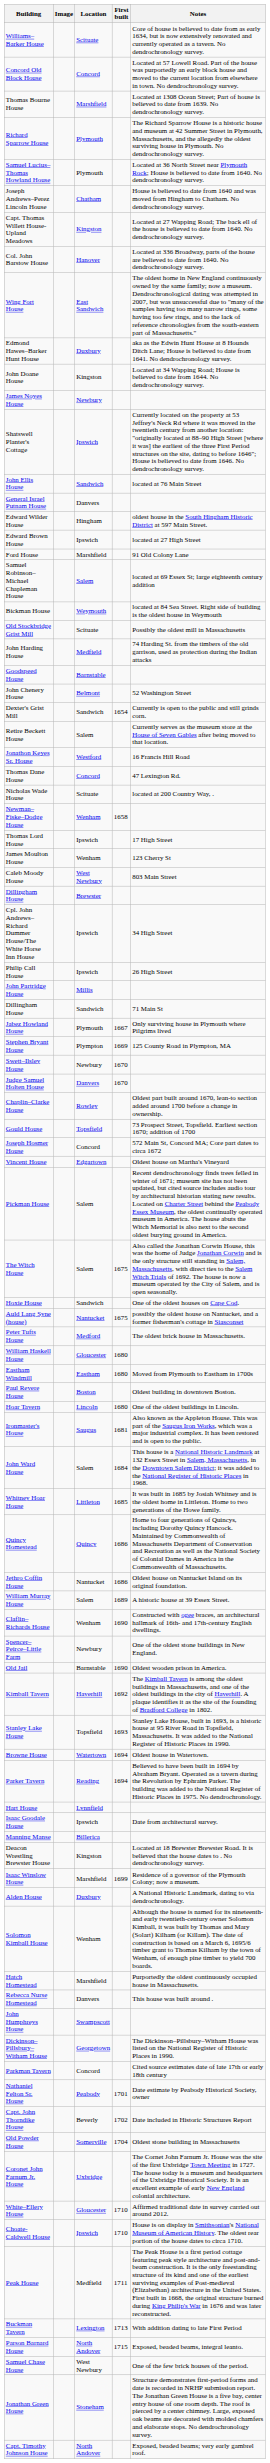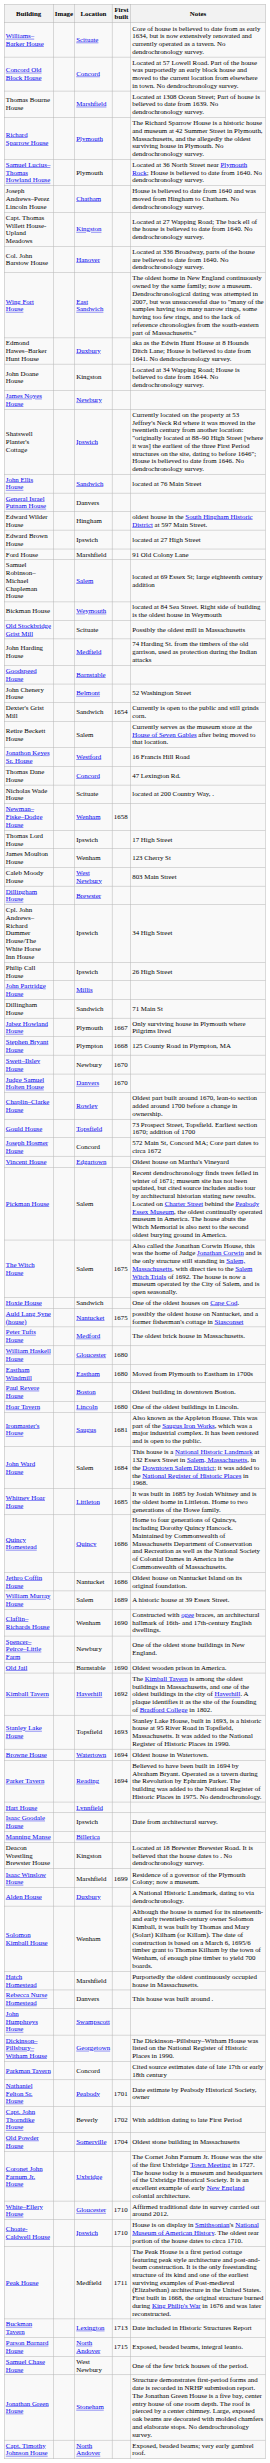 <table class="wikitable sortable">
 <tr>
 <th>Building</th>
 <th class="unsortable">Image</th>
 <th>Location</th>
 <th>First built</th>
 <th class="unsortable">Notes</th>
 </tr>
 <tr>
 <td><a href='#'>Williams–Barker House</a></td>
 <td></td>
 <td><a href='#'>Scituate</a></td>
 <td></td>
 <td>Core of house is believed to date from as early 1634, but is now extensively renovated and currently operated as a tavern. No dendrochronology survey.</td>
 </tr>
 <tr>
 <td><a href='#'>Concord Old Block House</a></td>
 <td></td>
 <td><a href='#'>Concord</a></td>
 <td></td>
 <td>Located at 57 Lowell Road. Part of the house was purportedly an early block house and moved to the current location from elsewhere in town. No dendrochronology survey.</td>
 </tr>
 <tr>
 <td>Thomas Bourne House</td>
 <td></td>
 <td><a href='#'>Marshfield</a></td>
 <td></td>
 <td>Located at 1308 Ocean Street; Part of house is believed to date from 1639. No dendrochronology survey.</td>
 </tr>
 <tr>
 <td><a href='#'>Richard Sparrow House</a></td>
 <td></td>
 <td><a href='#'>Plymouth</a></td>
 <td></td>
 <td>The Richard Sparrow House is a historic house and museum at 42 Summer Street in Plymouth, Massachusetts, and the allegedly the oldest surviving house in Plymouth. No dendrochronology survey.</td>
 </tr>
 <tr>
 <td><a href='#'>Samuel Lucius–Thomas Howland House</a></td>
 <td></td>
 <td>Plymouth</td>
 <td></td>
 <td>Located at 36 North Street near <a href='#'>Plymouth Rock</a>; House is believed to date from 1640. No dendrochronology survey.</td>
 </tr>
 <tr>
 <td>Joseph Andrews–Perez Lincoln House</td>
 <td></td>
 <td><a href='#'>Chatham</a></td>
 <td></td>
 <td>House is believed to date from 1640 and was moved from Hingham to Chatham. No dendrochronology survey.</td>
 </tr>
 <tr>
 <td>Capt. Thomas Willett House-Upland Meadows</td>
 <td></td>
 <td><a href='#'>Kingston</a></td>
 <td></td>
 <td>Located at 27 Wapping Road; The back ell of the house is believed to date from 1640. No dendrochronology survey.</td>
 </tr>
 <tr>
 <td>Col. John Barstow House</td>
 <td></td>
 <td><a href='#'>Hanover</a></td>
 <td></td>
 <td>Located at 336 Broadway, parts of the house are believed to date from 1640. No dendrochronology survey.</td>
 </tr>
 <tr>
 <td><a href='#'>Wing Fort House</a></td>
 <td></td>
 <td><a href='#'>East Sandwich</a></td>
 <td></td>
 <td>The oldest home in New England continuously owned by the same family; now a museum. Dendrochronological dating was attempted in 2007, but was unsuccessful due to "many of the samples having too many narrow rings, some having too few rings, and to the lack of reference chronologies from the south-eastern part of Massachusetts."</td>
 </tr>
 <tr>
 <td>Edmond Hawes–Barker Hunt House</td>
 <td></td>
 <td><a href='#'>Duxbury</a></td>
 <td></td>
 <td>aka as the Edwin Hunt House at 8 Hounds Ditch Lane; House is believed to date from 1641. No dendrochronology survey.</td>
 </tr>
 <tr>
 <td>John Doane House</td>
 <td></td>
 <td>Kingston</td>
 <td></td>
 <td>Located at 34 Wapping Road; House is believed to date from 1644. No dendrochronology survey.</td>
 </tr>
 <tr>
 <td><a href='#'>James Noyes House</a></td>
 <td></td>
 <td><a href='#'>Newbury</a></td>
 <td></td>
 <td></td>
 </tr>
 <tr>
 <td>Shatswell Planter's Cottage</td>
 <td></td>
 <td><a href='#'>Ipswich</a></td>
 <td></td>
 <td>Currently located on the property at 53 Jeffrey's Neck Rd where it was moved in the twentieth century from another location: "originally located at 88–90 High Street [where it was] the earliest of the three First Period structures on the site, dating to before 1646"; House is believed to date from 1646. No dendrochronology survey.</td>
 </tr>
 <tr>
 <td><a href='#'>John Ellis House</a></td>
 <td></td>
 <td><a href='#'>Sandwich</a></td>
 <td></td>
 <td>located at 76 Main Street</td>
 </tr>
 <tr>
 <td><a href='#'>General Israel Putnam House</a></td>
 <td></td>
 <td>Danvers</td>
 <td></td>
 <td></td>
 </tr>
 <tr>
 <td>Edward Wilder House</td>
 <td></td>
 <td>Hingham</td>
 <td></td>
 <td>oldest house in the <a href='#'>South Hingham Historic District</a> at 597 Main Street.</td>
 </tr>
 <tr>
 <td>Edward Brown House</td>
 <td></td>
 <td>Ipswich</td>
 <td></td>
 <td>located at 27 High Street</td>
 </tr>
 <tr>
 <td>Ford House</td>
 <td></td>
 <td>Marshfield</td>
 <td></td>
 <td>91 Old Colony Lane</td>
 </tr>
 <tr>
 <td>Samuel Robinson–Michael Chapleman House</td>
 <td></td>
 <td><a href='#'>Salem</a></td>
 <td></td>
 <td>located at 69 Essex St; large eighteenth century addition</td>
 </tr>
 <tr>
 <td>Bickman House</td>
 <td></td>
 <td><a href='#'>Weymouth</a></td>
 <td></td>
 <td>located at 84 Sea Street. Right side of building is the oldest house in Weymouth</td>
 </tr>
 <tr>
 <td><a href='#'>Old Stockbridge Grist Mill</a></td>
 <td></td>
 <td>Scituate</td>
 <td></td>
 <td>Possibly the oldest mill in Massachusetts</td>
 </tr>
 <tr>
 <td>John Harding House</td>
 <td></td>
 <td><a href='#'>Medfield</a></td>
 <td></td>
 <td>74 Harding St. from the timbers of the old garrison, used as protection during the Indian attacks </td>
 </tr>
 <tr>
 <td><a href='#'>Goodspeed House</a></td>
 <td></td>
 <td><a href='#'>Barnstable</a></td>
 <td></td>
 <td></td>
 </tr>
 <tr>
 <td>John Chenery House</td>
 <td></td>
 <td><a href='#'>Belmont</a></td>
 <td></td>
 <td>52 Washington Street</td>
 </tr>
 <tr>
 <td>Dexter's Grist Mill</td>
 <td></td>
 <td>Sandwich</td>
 <td>1654</td>
 <td>Currently is open to the public and still grinds corn.</td>
 </tr>
 <tr>
 <td>Retire Beckett House</td>
 <td></td>
 <td>Salem</td>
 <td></td>
 <td>Currently serves as the museum store at the <a href='#'>House of Seven Gables</a> after being moved to that location.</td>
 </tr>
 <tr>
 <td><a href='#'>Jonathon Keyes Sr. House</a></td>
 <td></td>
 <td><a href='#'>Westford</a></td>
 <td></td>
 <td>16 Francis Hill Road</td>
 </tr>
 <tr>
 <td>Thomas Dane House</td>
 <td></td>
 <td><a href='#'>Concord</a></td>
 <td></td>
 <td>47 Lexington Rd.</td>
 </tr>
 <tr>
 <td>Nicholas Wade House</td>
 <td></td>
 <td>Scituate</td>
 <td></td>
 <td>located at 200 Country Way, .</td>
 </tr>
 <tr>
 <td><a href='#'>Newman–Fiske–Dodge House</a></td>
 <td></td>
 <td><a href='#'>Wenham</a></td>
 <td>1658</td>
 <td></td>
 </tr>
 <tr>
 <td>Thomas Lord House</td>
 <td></td>
 <td>Ipswich</td>
 <td></td>
 <td>17 High Street</td>
 </tr>
 <tr>
 <td>James Moulton House</td>
 <td></td>
 <td>Wenham</td>
 <td></td>
 <td>123 Cherry St</td>
 </tr>
 <tr>
 <td>Caleb Moody House</td>
 <td></td>
 <td><a href='#'>West Newbury</a></td>
 <td></td>
 <td>803 Main Street</td>
 </tr>
 <tr>
 <td><a href='#'>Dillingham House</a></td>
 <td></td>
 <td><a href='#'>Brewster</a></td>
 <td></td>
 <td></td>
 </tr>
 <tr>
 <td>Cpl. John Andrews–Richard Dummer House/The White Horse Inn House</td>
 <td></td>
 <td>Ipswich</td>
 <td></td>
 <td>34 High Street</td>
 </tr>
 <tr>
 <td>Philip Call House</td>
 <td></td>
 <td>Ipswich</td>
 <td></td>
 <td>26 High Street</td>
 </tr>
 <tr>
 <td><a href='#'>John Partridge House</a></td>
 <td></td>
 <td><a href='#'>Millis</a></td>
 <td></td>
 <td></td>
 </tr>
 <tr>
 <td>Dillingham House</td>
 <td></td>
 <td>Sandwich</td>
 <td></td>
 <td>71 Main St</td>
 </tr>
 <tr>
 <td><a href='#'>Jabez Howland House</a></td>
 <td></td>
 <td>Plymouth</td>
 <td>1667</td>
 <td>Only surviving house in Plymouth where Pilgrims lived</td>
 </tr>
 <tr>
 <td><a href='#'>Stephen Bryant House</a></td>
 <td></td>
 <td>Plympton</td>
-<td>1669</td>
+<td>1668</td>
 <td>125 County Road in Plympton, MA</td>
 </tr>
 <tr>
 <td><a href='#'>Swett–Ilsley House</a></td>
 <td></td>
 <td>Newbury</td>
 <td>1670</td>
 <td></td>
 </tr>
 <tr>
 <td><a href='#'>Judge Samuel Holten House</a></td>
 <td></td>
 <td><a href='#'>Danvers</a></td>
 <td>1670</td>
 <td></td>
 </tr>
 <tr>
 <td><a href='#'>Chaplin–Clarke House</a></td>
 <td></td>
 <td><a href='#'>Rowley</a></td>
 <td></td>
 <td>Oldest part built around 1670, lean-to section added around 1700 before a change in ownership.</td>
 </tr>
 <tr>
 <td><a href='#'>Gould House</a></td>
 <td></td>
 <td><a href='#'>Topsfield</a></td>
 <td></td>
 <td>73 Prospect Street, Topsfield. Earliest section 1670; addition of 1700</td>
 </tr>
 <tr>
 <td><a href='#'>Joseph Hosmer House</a></td>
 <td></td>
 <td>Concord</td>
 <td></td>
 <td>572 Main St, Concord MA; Core part dates to circa 1672 </td>
 </tr>
 <tr>
 <td><a href='#'>Vincent House</a></td>
 <td></td>
 <td><a href='#'>Edgartown</a></td>
 <td></td>
 <td>Oldest house on Martha's Vineyard</td>
 </tr>
 <tr>
 <td><a href='#'>Pickman House</a></td>
 <td></td>
 <td>Salem</td>
 <td></td>
 <td>Recent dendrochronology finds trees felled in winter of 1671; museum site has not been updated, but cited source includes audio tour by architectural historian stating new results. Located on <a href='#'>Charter Street</a> behind the <a href='#'>Peabody Essex Museum</a>, the oldest continually operated museum in America. The house abuts the Witch Memorial is also next to the second oldest burying ground in America.</td>
 </tr>
 <tr>
 <td><a href='#'>The Witch House</a></td>
 <td></td>
 <td>Salem</td>
 <td>1675</td>
 <td>Also called the Jonathan Corwin House, this was the home of Judge <a href='#'>Jonathan Corwin</a>   and is the only structure still standing in <a href='#'>Salem, Massachusetts</a>, with direct ties to the <a href='#'>Salem Witch Trials</a> of 1692. The house is now a museum operated by the City of Salem, and is open seasonally.</td>
 </tr>
 <tr>
 <td><a href='#'>Hoxie House</a></td>
 <td></td>
 <td>Sandwich</td>
 <td></td>
 <td>One of the oldest houses on <a href='#'>Cape Cod</a>.</td>
 </tr>
 <tr>
 <td><a href='#'>Auld Lang Syne (house)</a></td>
 <td></td>
 <td><a href='#'>Nantucket</a></td>
 <td>1675</td>
 <td>possibly the oldest house on Nantucket, and a former fisherman's cottage in <a href='#'>Siasconset</a></td>
 </tr>
 <tr>
 <td><a href='#'>Peter Tufts House</a></td>
 <td></td>
 <td><a href='#'>Medford</a></td>
 <td></td>
 <td>The oldest brick house in Massachusetts.</td>
 </tr>
 <tr>
 <td><a href='#'>William Haskell House</a></td>
 <td></td>
 <td><a href='#'>Gloucester</a></td>
 <td>1680</td>
 <td></td>
 </tr>
 <tr>
 <td><a href='#'>Eastham Windmill</a></td>
 <td></td>
 <td><a href='#'>Eastham</a></td>
 <td>1680</td>
 <td>Moved from Plymouth to Eastham in 1700s</td>
 </tr>
 <tr>
 <td><a href='#'>Paul Revere House</a></td>
 <td></td>
 <td><a href='#'>Boston</a></td>
 <td></td>
 <td>Oldest building in downtown Boston.</td>
 </tr>
 <tr>
 <td><a href='#'>Hoar Tavern</a></td>
 <td></td>
 <td><a href='#'>Lincoln</a></td>
 <td>1680</td>
 <td>One of the oldest buildings in Lincoln.</td>
 </tr>
 <tr>
 <td><a href='#'>Ironmaster's House</a></td>
 <td></td>
 <td><a href='#'>Saugus</a></td>
 <td>1681</td>
 <td>Also known as the Appleton House.  This was part of the <a href='#'>Saugus Iron Works</a>, which was a major industrial complex.  It has been restored and is open to the public.</td>
 </tr>
 <tr>
 <td><a href='#'>John Ward House</a></td>
 <td></td>
 <td>Salem</td>
 <td>1684</td>
 <td>This house is a <a href='#'>National Historic Landmark</a> at 132 Essex Street in <a href='#'>Salem, Massachusetts</a>, in the <a href='#'>Downtown Salem District</a>; it was added to the <a href='#'>National Register of Historic Places</a> in 1968.</td>
 </tr>
 <tr>
 <td><a href='#'>Whitney Hoar House</a></td>
 <td></td>
 <td><a href='#'>Littleton</a></td>
 <td>1685</td>
 <td>It was built in 1685 by Josiah Whitney and is the oldest home in Littleton. Home to two generations of the Howe family.</td>
 </tr>
 <tr>
 <td><a href='#'>Quincy Homestead</a></td>
 <td></td>
 <td><a href='#'>Quincy</a></td>
 <td>1686</td>
 <td>Home to four generations of Quincys, including Dorothy Quincy Hancock. Maintained by Commonwealth of Massachusetts Department of Conservation and Recreation as well as the National Society of Colonial Dames in America in the Commonwealth of Massachusetts.</td>
 </tr>
 <tr>
 <td><a href='#'>Jethro Coffin House</a></td>
 <td></td>
 <td>Nantucket</td>
 <td>1686</td>
 <td>Oldest house on Nantucket Island on its original foundation.</td>
 </tr>
 <tr>
 <td><a href='#'>William Murray House</a></td>
 <td></td>
 <td>Salem</td>
 <td>1689</td>
 <td>A historic house at 39 Essex Street.</td>
 </tr>
 <tr>
 <td><a href='#'>Claflin–Richards House</a></td>
 <td></td>
 <td>Wenham</td>
 <td>1690</td>
 <td>Constructed with <a href='#'>ogee</a> braces, an architectural hallmark of 16th- and 17th-century English dwellings.</td>
 </tr>
 <tr>
 <td><a href='#'>Spencer–Peirce–Little Farm</a></td>
 <td></td>
 <td>Newbury</td>
 <td></td>
 <td>One of the oldest stone buildings in New England.</td>
 </tr>
 <tr>
 <td><a href='#'>Old Jail</a></td>
 <td></td>
 <td>Barnstable</td>
 <td>1690</td>
 <td>Oldest wooden prison in America.</td>
 </tr>
 <tr>
 <td><a href='#'>Kimball Tavern</a></td>
 <td></td>
 <td><a href='#'>Haverhill</a></td>
 <td>1692</td>
 <td>The <a href='#'>Kimball Tavern</a> is among the oldest buildings in Massachusetts, and one of the oldest buildings in the city of <a href='#'>Haverhill</a>. A plaque identifies it as the site of the founding of <a href='#'>Bradford College</a> in 1802.</td>
 </tr>
 <tr>
 <td><a href='#'>Stanley Lake House</a></td>
 <td></td>
 <td>Topsfield</td>
 <td>1693</td>
 <td>Stanley Lake House, built in 1693, is a historic house at 95 River Road in Topsfield, Massachusetts. It was added to the National Register of Historic Places in 1990.</td>
 </tr>
 <tr>
 <td><a href='#'>Browne House</a></td>
 <td></td>
 <td><a href='#'>Watertown</a></td>
 <td>1694</td>
 <td>Oldest house in Watertown.</td>
 </tr>
 <tr>
 <td><a href='#'>Parker Tavern</a></td>
 <td></td>
 <td><a href='#'>Reading</a></td>
 <td>1694</td>
 <td>Believed to have been built in 1694 by Abraham Bryant. Operated as a tavern during the Revolution by Ephraim Parker. The building was added to the National Register of Historic Places in 1975. No dendrochronology.</td>
 </tr>
 <tr>
 <td><a href='#'>Hart House</a></td>
 <td></td>
 <td><a href='#'>Lynnfield</a></td>
 <td></td>
 <td></td>
 </tr>
 <tr>
 <td><a href='#'>Isaac Goodale House</a></td>
 <td></td>
 <td>Ipswich</td>
 <td></td>
 <td>Date from architectural survey. </td>
 </tr>
 <tr>
 <td><a href='#'>Manning Manse</a></td>
 <td></td>
 <td><a href='#'>Billerica</a></td>
 <td></td>
 <td></td>
 </tr>
 <tr>
 <td>Deacon Wrestling Brewster House</td>
 <td></td>
 <td>Kingston</td>
 <td></td>
 <td>Located at 18 Brewster Brewster Road. It is believed that the house dates to . No dendrochronology survey.</td>
 </tr>
 <tr>
 <td><a href='#'>Isaac Winslow House</a></td>
 <td></td>
 <td>Marshfield</td>
 <td>1699</td>
 <td>Residence of a governor of the Plymouth Colony; now a museum.</td>
 </tr>
 <tr>
 <td><a href='#'>Alden House</a></td>
 <td></td>
 <td><a href='#'>Duxbury</a></td>
 <td></td>
 <td>A National Historic Landmark, dating to  via dendrochronology.</td>
 </tr>
 <tr>
 <td><a href='#'>Solomon Kimball House</a></td>
 <td></td>
 <td>Wenham</td>
 <td></td>
 <td>Although the house is named for its nineteenth- and early twentieth-century owner Solomon Kimball, it was built by Thomas and Mary (Solart) Kilham (or Killam). The date of construction is based on a March 6, 1695/6 timber grant to Thomas Kilham by the town of Wenham, of enough pine timber to yield 700 boards.</td>
 </tr>
 <tr>
 <td><a href='#'>Hatch Homestead</a></td>
 <td></td>
 <td>Marshfield</td>
 <td></td>
 <td>Purportedly the oldest continuously occupied house in Massachusetts.</td>
 </tr>
 <tr>
 <td><a href='#'>Rebecca Nurse Homestead</a></td>
 <td></td>
 <td>Danvers</td>
 <td></td>
 <td>This house was built around .</td>
 </tr>
 <tr>
 <td><a href='#'>John Humphreys House</a></td>
 <td></td>
 <td><a href='#'>Swampscott</a></td>
 <td></td>
 <td></td>
 </tr>
 <tr>
 <td><a href='#'>Dickinson–Pillsbury–Witham House</a></td>
 <td></td>
 <td><a href='#'>Georgetown</a></td>
 <td></td>
 <td>The Dickinson–Pillsbury–Witham House was listed on the National Register of Historic Places in 1990.</td>
 </tr>
 <tr>
 <td><a href='#'>Parkman Tavern</a></td>
 <td></td>
 <td>Concord</td>
 <td></td>
 <td>Cited source estimates date of late 17th or early 18th century</td>
 </tr>
 <tr>
 <td><a href='#'>Nathaniel Felton Sr. House</a></td>
 <td></td>
 <td><a href='#'>Peabody</a></td>
 <td>1701</td>
 <td>Date estimate by Peabody Historical Society, owner</td>
 </tr>
 <tr>
 <td><a href='#'>Capt. John Thorndike House</a></td>
 <td></td>
 <td>Beverly</td>
 <td>1702</td>
-<td>Date included in Historic Structures Report</td>
+<td>With addition dating to late First Period</td>
 </tr>
 <tr>
 <td><a href='#'>Old Powder House</a></td>
 <td></td>
 <td><a href='#'>Somerville</a></td>
 <td>1704</td>
 <td>Oldest stone building in Massachusetts</td>
 </tr>
 <tr>
 <td><a href='#'>Coronet John Farnum Jr. House</a></td>
 <td></td>
 <td><a href='#'>Uxbridge</a></td>
 <td></td>
 <td>The Cornet John Farnum Jr. House was the site of the first Uxbridge <a href='#'>Town Meeting</a> in 1727. The house today is a museum and headquarters of the Uxbridge Historical Society.  It is an excellent example of early <a href='#'>New England</a> colonial architecture.</td>
 </tr>
 <tr>
 <td><a href='#'>White–Ellery House</a></td>
 <td></td>
 <td><a href='#'>Gloucester</a></td>
 <td>1710</td>
 <td>Affirmed traditional date in survey carried out around 2012.</td>
 </tr>
 <tr>
 <td><a href='#'>Choate-Caldwell House</a></td>
 <td></td>
 <td><a href='#'>Ipswich</a></td>
 <td>1710</td>
 <td>House is on display in <a href='#'>Smithsonian</a>'s <a href='#'>National Museum of American History</a>. The oldest rear portion of the house dates to circa 1710.</td>
 </tr>
 <tr>
 <td><a href='#'>Peak House</a></td>
 <td></td>
 <td>Medfield</td>
 <td>1711</td>
 <td>The Peak House is a first period cottage featuring peak style architecture and post-and-beam construction. It is the only freestanding structure of its kind and one of the earliest surviving examples of Post-medieval (Elizabethan) architecture in the United States. First built in 1668, the original structure burned during <a href='#'>King Philip's War</a> in 1676 and was later reconstructed.</td>
 </tr>
 <tr>
 <td><a href='#'>Buckman Tavern</a></td>
 <td></td>
 <td><a href='#'>Lexington</a></td>
 <td>1713</td>
-<td>With addition dating to late First Period</td>
+<td>Date included in Historic Structures Report</td>
 </tr>
 <tr>
 <td><a href='#'>Parson Barnard House</a></td>
 <td></td>
 <td><a href='#'>North Andover</a></td>
 <td>1715</td>
 <td>Exposed, beaded beams, integral leanto.</td>
 </tr>
 <tr>
 <td><a href='#'>Samuel Chase House</a></td>
 <td></td>
 <td>West Newbury</td>
 <td></td>
 <td>One of the few brick houses of the period.</td>
 </tr>
 <tr>
 <td><a href='#'>Jonathan Green House</a></td>
 <td></td>
 <td><a href='#'>Stoneham</a></td>
 <td></td>
 <td>Structure demonstrates first-period forms and date is recorded in NRHP submission report. The Jonathan Green House is a five bay, center entry house of one room depth. The roof is pierced by a center chimney. Large, exposed oak beams are decorated with molded chamfers and elaborate stops. No dendrochronology survey.</td>
 </tr>
 <tr>
 <td><a href='#'>Capt. Timothy Johnson House</a></td>
 <td></td>
 <td><a href='#'>North Andover</a></td>
 <td></td>
 <td>Exposed, beaded beams; very early gambrel roof. </td>
 </tr>
 </table>
